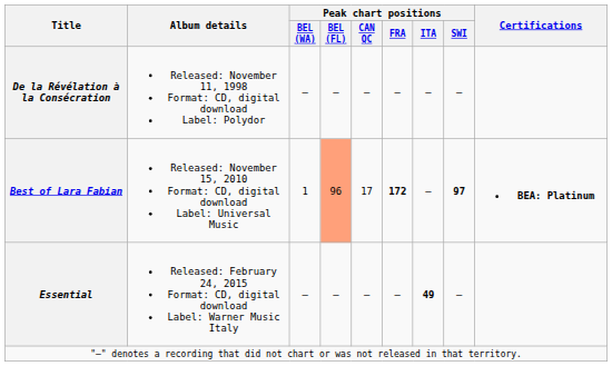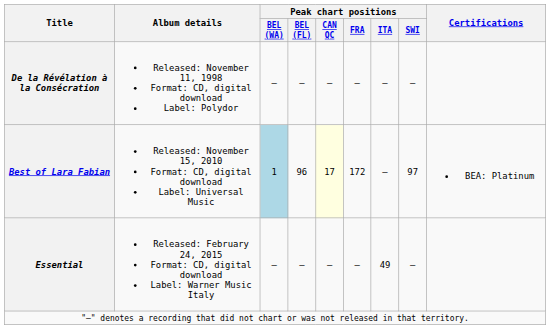 <table class="wikitable plainrowheaders" style="text-align:center;">
 <tr>
 <th scope="col" rowspan="2" style="width:12em;">Title</th>
 <th scope="col" rowspan="2" style="width:16em;">Album details</th>
 <th scope="col" colspan="6">Peak chart positions</th>
 <th scope="col" rowspan="2" style="width:13em;"><a href='#'>Certifications</a></th>
 </tr>
 <tr>
 <th scope="col" style="width:3em;font-size:90%;"><a href='#'>BEL<br>(WA)</a><br></th>
 <th scope="col" style="width:3em;font-size:90%;"><a href='#'>BEL<br>(FL)</a><br></th>
 <th scope="col" style="width:3em;font-size:90%;"><a href='#'>CAN QC</a><br></th>
 <th scope="col" style="width:3em;font-size:90%;"><a href='#'>FRA</a><br></th>
 <th scope="col" style="width:3em;font-size:90%;"><a href='#'>ITA</a><br></th>
 <th scope="col" style="width:3em;font-size:90%;"><a href='#'>SWI</a><br></th>
 </tr>
 <tr>
 <th scope="row"><em>De la Révélation à la Consécration</em></th>
 <td><br><ul><li>Released: November 11, 1998</li><li>Format: CD, digital download</li><li>Label: Polydor</li></ul></td>
 <td>—</td>
 <td>—</td>
 <td>—</td>
 <td>—</td>
 <td>—</td>
 <td>—</td>
 <td></td>
 </tr>
 <tr>
 <th scope="row"><em><a href='#'>Best of Lara Fabian</a></em></th>
 <td><br><ul><li>Released: November 15, 2010</li><li>Format: CD, digital download</li><li>Label: Universal Music</li></ul></td>
-<td>1</td>
-<td style="background: lightsalmon;">96</td>
-<td>17</td>
-<td><strong>172</strong></td>
+<td style="background: lightblue;">1</td>
+<td>96</td>
+<td style="background: lightyellow;">17</td>
+<td>172</td>
 <td>—</td>
-<td><strong>97</strong></td>
-<td><strong><br><ul><li>BEA: Platinum</li></ul></strong></td>
+<td>97</td>
+<td><br><ul><li>BEA: Platinum</li></ul></td>
 </tr>
 <tr>
 <th scope="row"><em>Essential</em></th>
 <td><br><ul><li>Released: February 24, 2015</li><li>Format: CD, digital download</li><li>Label: Warner Music Italy</li></ul></td>
 <td>—</td>
 <td>—</td>
 <td>—</td>
 <td>—</td>
-<td><strong>49</strong></td>
+<td>49</td>
 <td>—</td>
 <td></td>
 </tr>
 <tr>
 <td colspan="15" style="font-size:90%">"—" denotes a recording that did not chart or was not released in that territory.</td>
 </tr>
 </table>
